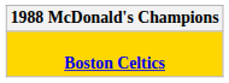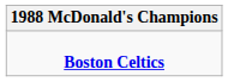 <table class=wikitable style="text-align:center; margin:auto">
 <tr>
 <th>1988 McDonald's Champions</th>
 </tr>
 <tr>
-<td style="background: gold;"><br><strong><a href='#'>Boston Celtics </a></strong></td>
+<td><br><strong><a href='#'>Boston Celtics </a></strong></td>
 </tr>
 </table>
